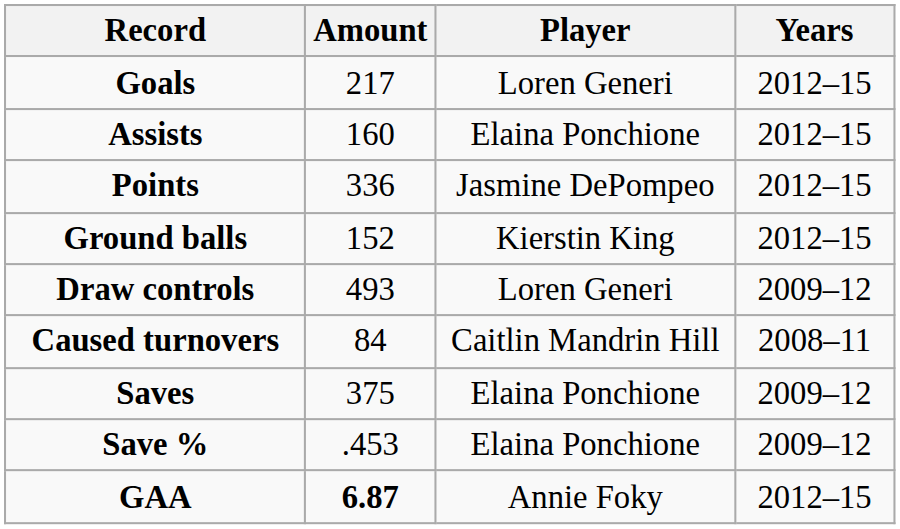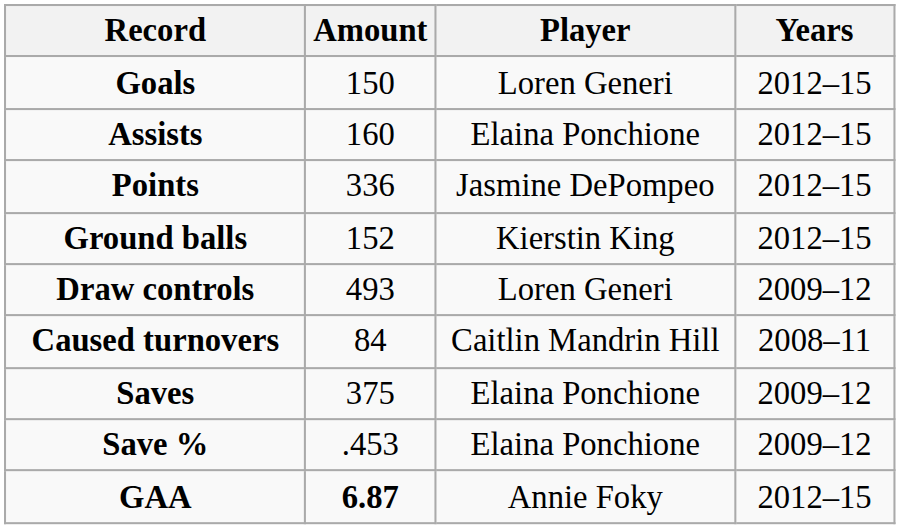 <table class="wikitable">
 <tr>
 <th style="width:140px; ">Record</th>
 <th style="width:35px; ">Amount</th>
 <th style="width:140px; ">Player</th>
 <th style="width:70px; ">Years</th>
 </tr>
 <tr style="text-align:center;">
 <td><strong>Goals</strong></td>
-<td>217</td>
+<td>150</td>
 <td>Loren Generi</td>
 <td>2012–15</td>
 </tr>
 <tr style="text-align:center;">
 <td><strong>Assists</strong></td>
 <td>160</td>
 <td>Elaina Ponchione</td>
 <td>2012–15</td>
 </tr>
 <tr style="text-align:center;">
 <td><strong>Points</strong></td>
 <td>336</td>
 <td>Jasmine DePompeo</td>
 <td>2012–15</td>
 </tr>
 <tr style="text-align:center;">
 <td><strong>Ground balls</strong></td>
 <td>152</td>
 <td>Kierstin King</td>
 <td>2012–15</td>
 </tr>
 <tr style="text-align:center;">
 <td><strong>Draw controls</strong></td>
 <td>493</td>
 <td>Loren Generi</td>
 <td>2009–12</td>
 </tr>
 <tr style="text-align:center;">
 <td><strong>Caused turnovers</strong></td>
 <td>84</td>
 <td>Caitlin Mandrin Hill</td>
 <td>2008–11</td>
 </tr>
 <tr style="text-align:center;">
 <td><strong>Saves</strong></td>
 <td>375</td>
 <td>Elaina Ponchione</td>
 <td>2009–12</td>
 </tr>
 <tr style="text-align:center;">
 <td><strong>Save %</strong></td>
 <td>.453</td>
 <td>Elaina Ponchione</td>
 <td>2009–12</td>
 </tr>
 <tr style="text-align:center;">
 <td><strong>GAA</strong></td>
 <td><strong>6.87</strong></td>
 <td>Annie Foky</td>
 <td>2012–15</td>
 </tr>
 </table>
